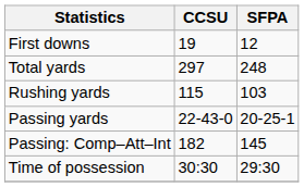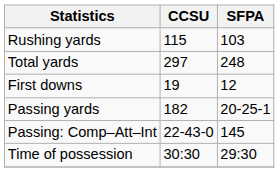 <table class="wikitable" style="float: left;">
 <tr>
 <th>Statistics</th>
 <th>CCSU</th>
 <th>SFPA</th>
 </tr>
 <tr>
-<td>First downs</td>
-<td>19</td>
-<td>12</td>
+<td>Rushing yards</td>
+<td>115</td>
+<td>103</td>
 </tr>
 <tr>
 <td>Total yards</td>
 <td>297</td>
 <td>248</td>
 </tr>
 <tr>
-<td>Rushing yards</td>
-<td>115</td>
-<td>103</td>
+<td>First downs</td>
+<td>19</td>
+<td>12</td>
 </tr>
 <tr>
 <td>Passing yards</td>
-<td>22-43-0</td>
+<td>182</td>
 <td>20-25-1</td>
 </tr>
 <tr>
 <td>Passing: Comp–Att–Int</td>
-<td>182</td>
+<td>22-43-0</td>
 <td>145</td>
 </tr>
 <tr>
 <td>Time of possession</td>
 <td>30:30</td>
 <td>29:30</td>
 </tr>
 <tr>
 </tr>
 </table>
